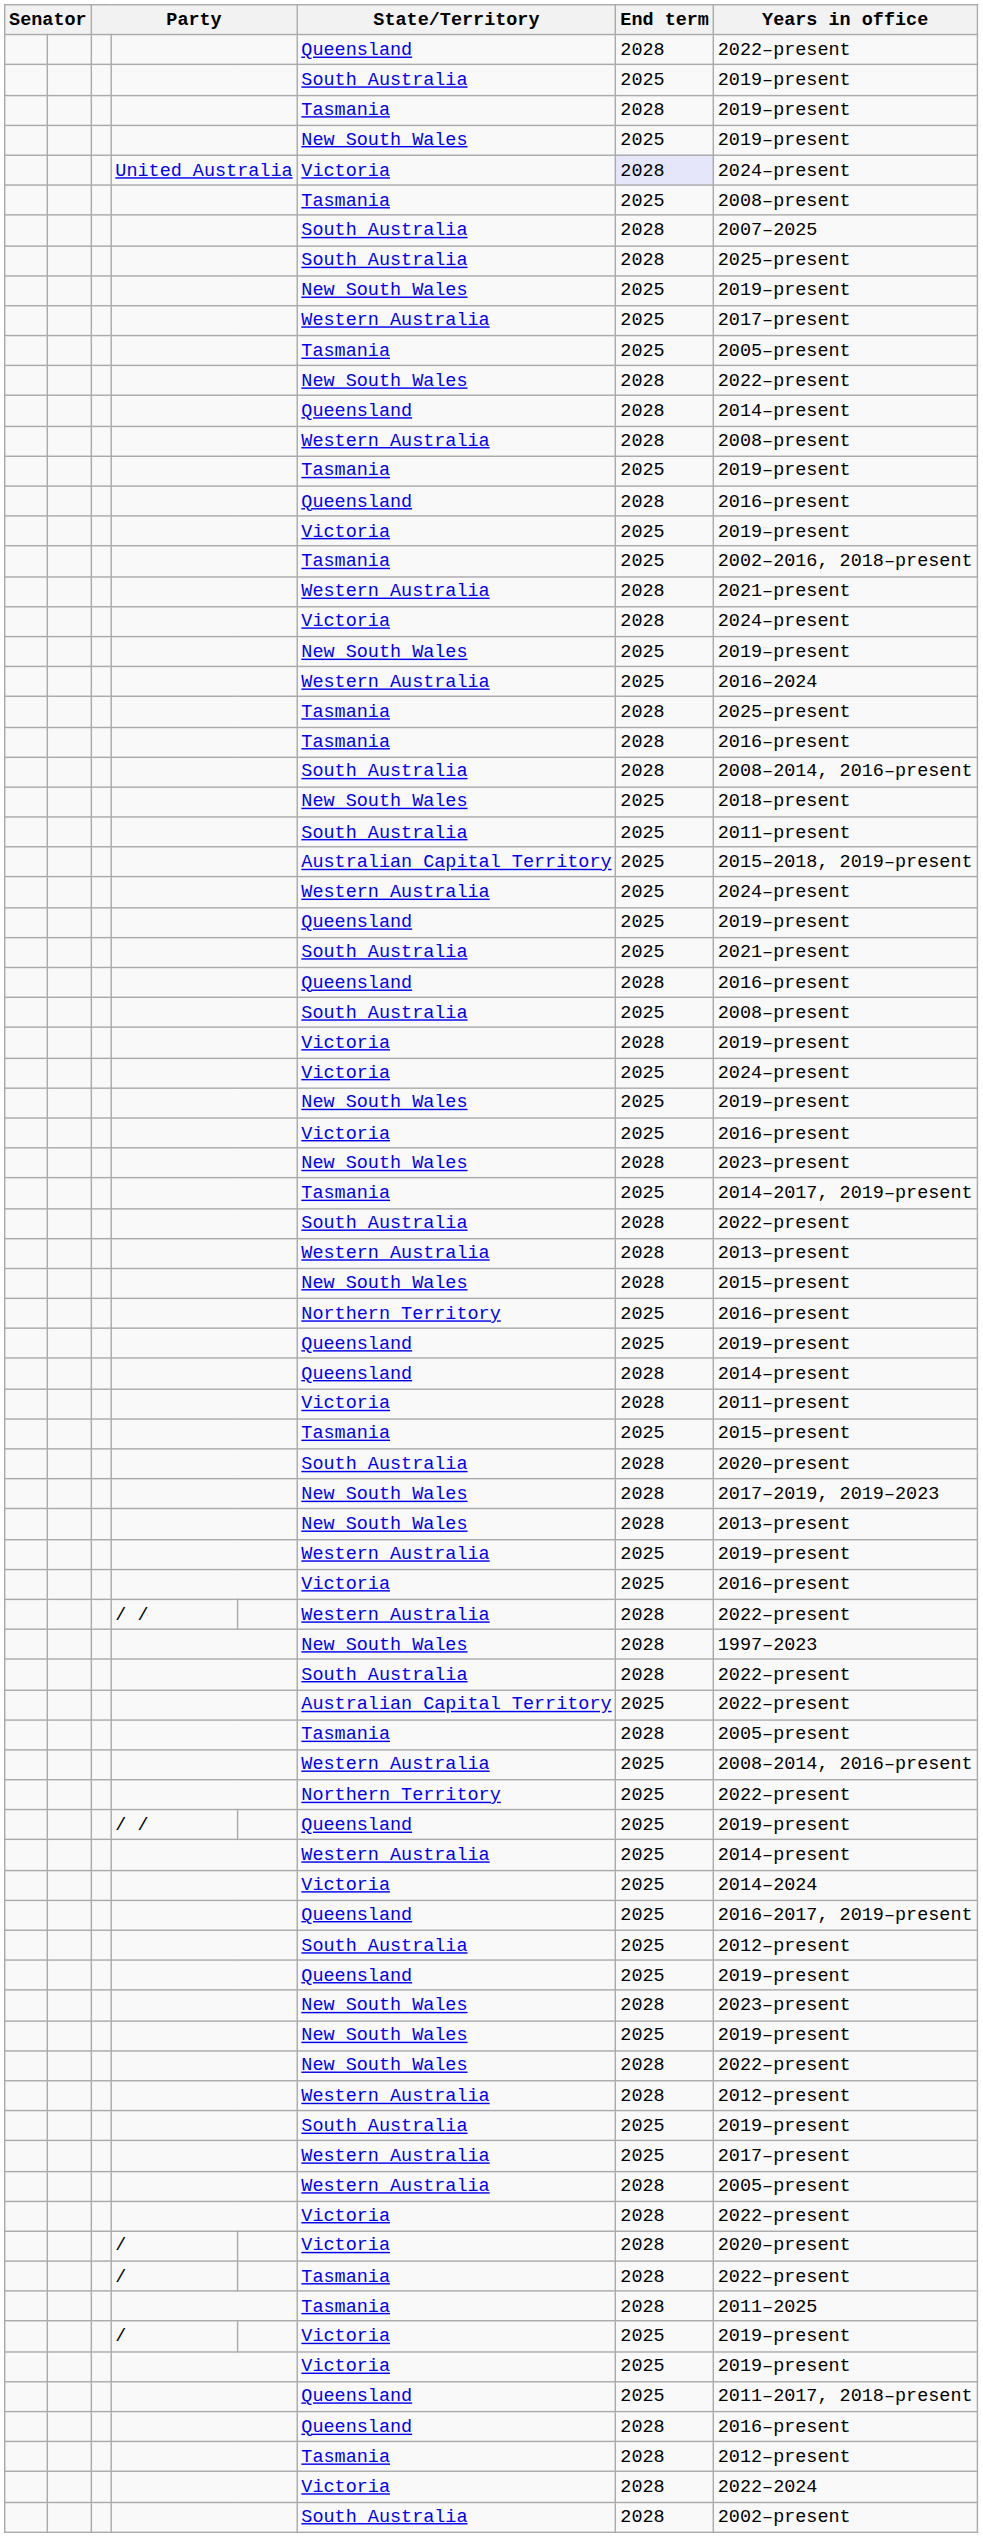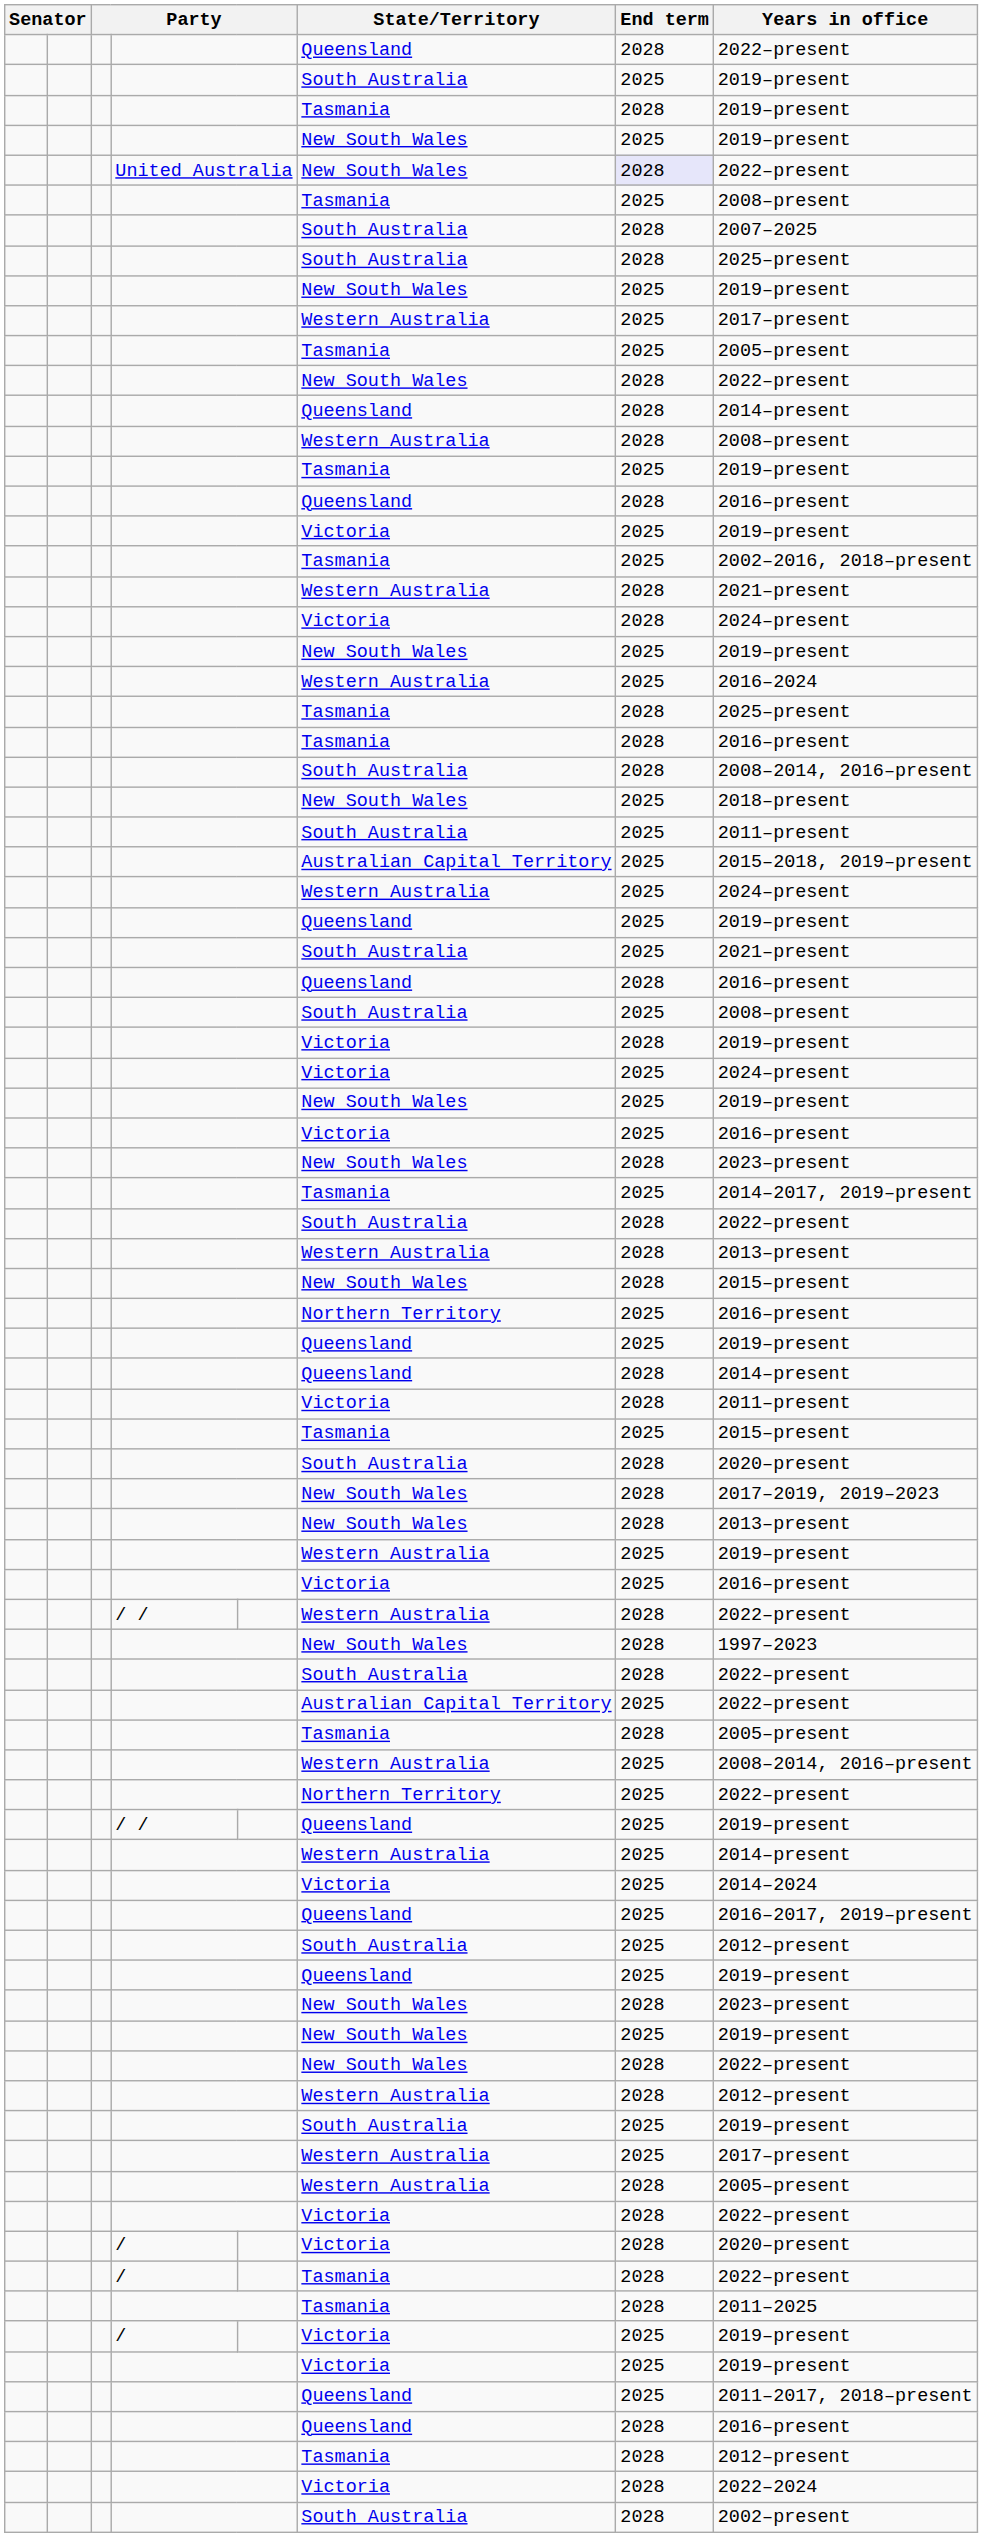 <table class="wikitable sortable plainrowheaders">
 <tr>
 <th colspan="2" class="unsortable" style="text-align: center;">Senator</th>
 <th colspan="3">Party</th>
 <th>State/Territory</th>
 <th>End term</th>
 <th>Years in office</th>
 </tr>
 <tr>
 <td></td>
 <td><strong></strong><br></td>
 <td> </td>
 <td colspan=2></td>
 <td><a href='#'>Queensland</a></td>
 <td>2028</td>
 <td>2022–present</td>
 </tr>
 <tr>
 <td></td>
 <td><strong></strong><br></td>
 <td> </td>
 <td colspan=2></td>
 <td><a href='#'>South Australia</a></td>
 <td>2025</td>
 <td>2019–present</td>
 </tr>
 <tr>
 <td></td>
 <td><strong></strong><br></td>
 <td> </td>
 <td colspan=2></td>
 <td><a href='#'>Tasmania</a></td>
 <td>2028</td>
 <td>2019–present</td>
 </tr>
 <tr>
 <td></td>
 <td><strong></strong><br></td>
 <td> </td>
 <td colspan=2></td>
 <td><a href='#'>New South Wales</a></td>
 <td>2025</td>
 <td>2019–present</td>
 </tr>
 <tr>
 <td></td>
 <td><strong></strong><br></td>
 <td> </td>
 <td colspan=2><a href='#'>United Australia</a></td>
-<td><a href='#'>Victoria</a></td>
+<td><a href='#'>New South Wales</a></td>
 <td style="background: lavender;">2028</td>
-<td>2024–present</td>
+<td>2022–present</td>
 </tr>
 <tr>
 <td></td>
 <td><strong></strong><br></td>
 <td> </td>
 <td colspan=2></td>
 <td><a href='#'>Tasmania</a></td>
 <td>2025</td>
 <td>2008–present</td>
 </tr>
 <tr>
 <td></td>
 <td><strong></strong> <br></td>
 <td> </td>
 <td colspan=2></td>
 <td><a href='#'>South Australia</a></td>
 <td>2028</td>
 <td>2007–2025</td>
 </tr>
 <tr>
 <td></td>
 <td><strong></strong> </td>
 <td> </td>
 <td colspan=2></td>
 <td><a href='#'>South Australia</a></td>
 <td>2028</td>
 <td>2025–present</td>
 </tr>
 <tr>
 <td></td>
 <td><strong></strong><br></td>
 <td> </td>
 <td colspan=2></td>
 <td><a href='#'>New South Wales</a></td>
 <td>2025</td>
 <td>2019–present</td>
 </tr>
 <tr>
 <td></td>
 <td><strong></strong><br></td>
 <td> </td>
 <td colspan=2></td>
 <td><a href='#'>Western Australia</a></td>
 <td>2025</td>
 <td>2017–present</td>
 </tr>
 <tr>
 <td></td>
 <td><strong></strong><br></td>
 <td> </td>
 <td colspan=2></td>
 <td><a href='#'>Tasmania</a></td>
 <td>2025</td>
 <td>2005–present</td>
 </tr>
 <tr>
 <td></td>
 <td><strong></strong><br></td>
 <td> </td>
 <td colspan=2></td>
 <td><a href='#'>New South Wales</a></td>
 <td>2028</td>
 <td>2022–present</td>
 </tr>
 <tr>
 <td></td>
 <td><strong></strong><br></td>
 <td> </td>
 <td colspan=2> </td>
 <td><a href='#'>Queensland</a></td>
 <td>2028</td>
 <td>2014–present</td>
 </tr>
 <tr>
 <td></td>
 <td><strong></strong><br></td>
 <td> </td>
 <td colspan=2></td>
 <td><a href='#'>Western Australia</a></td>
 <td>2028</td>
 <td>2008–present</td>
 </tr>
 <tr>
 <td></td>
 <td><strong></strong><br></td>
 <td> </td>
 <td colspan=2></td>
 <td><a href='#'>Tasmania</a></td>
 <td>2025</td>
 <td>2019–present</td>
 </tr>
 <tr>
 <td></td>
 <td><strong></strong><br></td>
 <td> </td>
 <td colspan=2></td>
 <td><a href='#'>Queensland</a></td>
 <td>2028</td>
 <td>2016–present</td>
 </tr>
 <tr>
 <td></td>
 <td><strong></strong><br></td>
 <td> </td>
 <td colspan=2></td>
 <td><a href='#'>Victoria</a></td>
 <td>2025</td>
 <td>2019–present</td>
 </tr>
 <tr>
 <td></td>
 <td><strong></strong><br></td>
 <td> </td>
 <td colspan=2></td>
 <td><a href='#'>Tasmania</a></td>
 <td>2025</td>
 <td>2002–2016, 2018–present</td>
 </tr>
 <tr>
 <td></td>
 <td><strong></strong><br></td>
 <td> </td>
 <td colspan=2></td>
 <td><a href='#'>Western Australia</a></td>
 <td>2028</td>
 <td>2021–present</td>
 </tr>
 <tr>
 <td></td>
 <td><strong></strong> </td>
 <td> </td>
 <td colspan=2></td>
 <td><a href='#'>Victoria</a></td>
 <td>2028</td>
 <td>2024–present</td>
 </tr>
 <tr>
 <td></td>
 <td><strong></strong><br></td>
 <td> </td>
 <td colspan=2></td>
 <td><a href='#'>New South Wales</a></td>
 <td>2025</td>
 <td>2019–present</td>
 </tr>
 <tr>
 <td></td>
 <td><strong></strong> <br></td>
 <td> </td>
 <td colspan=2></td>
 <td><a href='#'>Western Australia</a></td>
 <td>2025</td>
 <td>2016–2024</td>
 </tr>
 <tr>
 <td></td>
 <td><strong></strong> <br></td>
 <td> </td>
 <td colspan=2></td>
 <td><a href='#'>Tasmania</a></td>
 <td>2028</td>
 <td>2025–present</td>
 </tr>
 <tr>
 <td></td>
 <td><strong></strong><br></td>
 <td> </td>
 <td colspan=2></td>
 <td><a href='#'>Tasmania</a></td>
 <td>2028</td>
 <td>2016–present</td>
 </tr>
 <tr>
 <td></td>
 <td><strong></strong><br></td>
 <td> </td>
 <td colspan=2></td>
 <td><a href='#'>South Australia</a></td>
 <td>2028</td>
 <td>2008–2014, 2016–present</td>
 </tr>
 <tr>
 <td></td>
 <td><strong></strong><br></td>
 <td> </td>
 <td colspan=2></td>
 <td><a href='#'>New South Wales</a></td>
 <td>2025</td>
 <td>2018–present</td>
 </tr>
 <tr>
 <td></td>
 <td><strong></strong><br></td>
 <td> </td>
 <td colspan=2></td>
 <td><a href='#'>South Australia</a></td>
 <td>2025</td>
 <td>2011–present</td>
 </tr>
 <tr>
 <td></td>
 <td><strong></strong><br></td>
 <td> </td>
 <td colspan=2></td>
 <td><a href='#'>Australian Capital Territory</a></td>
 <td>2025</td>
 <td>2015–2018, 2019–present</td>
 </tr>
 <tr>
 <td></td>
 <td><strong></strong> <br></td>
 <td> </td>
 <td colspan=2></td>
 <td><a href='#'>Western Australia</a></td>
 <td>2025</td>
 <td>2024–present</td>
 </tr>
 <tr>
 <td></td>
 <td><strong></strong><br></td>
 <td> </td>
 <td colspan=2></td>
 <td><a href='#'>Queensland</a></td>
 <td>2025</td>
 <td>2019–present</td>
 </tr>
 <tr>
 <td></td>
 <td><strong></strong><br></td>
 <td> </td>
 <td colspan=2></td>
 <td><a href='#'>South Australia</a></td>
 <td>2025</td>
 <td>2021–present</td>
 </tr>
 <tr>
 <td></td>
 <td><strong></strong><br></td>
 <td> </td>
 <td colspan=2></td>
 <td><a href='#'>Queensland</a></td>
 <td>2028</td>
 <td>2016–present</td>
 </tr>
 <tr>
 <td></td>
 <td><strong></strong><br></td>
 <td> </td>
 <td colspan=2></td>
 <td><a href='#'>South Australia</a></td>
 <td>2025</td>
 <td>2008–present</td>
 </tr>
 <tr>
 <td></td>
 <td><strong></strong><br></td>
 <td> </td>
 <td colspan=2></td>
 <td><a href='#'>Victoria</a></td>
 <td>2028</td>
 <td>2019–present</td>
 </tr>
 <tr>
 <td></td>
 <td><strong></strong> <br></td>
 <td> </td>
 <td colspan=2></td>
 <td><a href='#'>Victoria</a></td>
 <td>2025</td>
 <td>2024–present</td>
 </tr>
 <tr>
 <td></td>
 <td><strong></strong><br></td>
 <td> </td>
 <td colspan=2></td>
 <td><a href='#'>New South Wales</a></td>
 <td>2025</td>
 <td>2019–present</td>
 </tr>
 <tr>
 <td></td>
 <td><strong></strong><br></td>
 <td> </td>
 <td colspan=2></td>
 <td><a href='#'>Victoria</a></td>
 <td>2025</td>
 <td>2016–present</td>
 </tr>
 <tr>
 <td></td>
 <td><strong></strong> <br></td>
 <td> </td>
 <td colspan=2></td>
 <td><a href='#'>New South Wales</a></td>
 <td>2028</td>
 <td>2023–present</td>
 </tr>
 <tr>
 <td></td>
 <td><strong></strong><br></td>
 <td> </td>
 <td colspan=2></td>
 <td><a href='#'>Tasmania</a></td>
 <td>2025</td>
 <td>2014–2017, 2019–present</td>
 </tr>
 <tr>
 <td></td>
 <td><strong></strong><br></td>
 <td> </td>
 <td colspan=2></td>
 <td><a href='#'>South Australia</a></td>
 <td>2028</td>
 <td>2022–present</td>
 </tr>
 <tr>
 <td></td>
 <td><strong></strong><br></td>
 <td> </td>
 <td colspan=2></td>
 <td><a href='#'>Western Australia</a></td>
 <td>2028</td>
 <td>2013–present</td>
 </tr>
 <tr>
 <td></td>
 <td><strong></strong><br></td>
 <td> </td>
 <td colspan=2></td>
 <td><a href='#'>New South Wales</a></td>
 <td>2028</td>
 <td>2015–present</td>
 </tr>
 <tr>
 <td></td>
 <td><strong></strong><br></td>
 <td> </td>
 <td colspan=2></td>
 <td><a href='#'>Northern Territory</a></td>
 <td>2025</td>
 <td>2016–present</td>
 </tr>
 <tr>
 <td></td>
 <td><strong></strong><br></td>
 <td> </td>
 <td colspan=2> </td>
 <td><a href='#'>Queensland</a></td>
 <td>2025</td>
 <td>2019–present</td>
 </tr>
 <tr>
 <td></td>
 <td><strong></strong><br></td>
 <td> </td>
 <td colspan=2> </td>
 <td><a href='#'>Queensland</a></td>
 <td>2028</td>
 <td>2014–present</td>
 </tr>
 <tr>
 <td></td>
 <td><strong></strong><br></td>
 <td> </td>
 <td colspan=2></td>
 <td><a href='#'>Victoria</a></td>
 <td>2028</td>
 <td>2011–present</td>
 </tr>
 <tr>
 <td></td>
 <td><strong></strong><br></td>
 <td> </td>
 <td colspan=2></td>
 <td><a href='#'>Tasmania</a></td>
 <td>2025</td>
 <td>2015–present</td>
 </tr>
 <tr>
 <td></td>
 <td><strong></strong><br></td>
 <td> </td>
 <td colspan=2></td>
 <td><a href='#'>South Australia</a></td>
 <td>2028</td>
 <td>2020–present</td>
 </tr>
 <tr>
 <td></td>
 <td><strong></strong> <br></td>
 <td> </td>
 <td colspan=2></td>
 <td><a href='#'>New South Wales</a></td>
 <td>2028</td>
 <td>2017–2019, 2019–2023</td>
 </tr>
 <tr>
 <td></td>
 <td><strong></strong><br></td>
 <td> </td>
 <td colspan=2></td>
 <td><a href='#'>New South Wales</a></td>
 <td>2028</td>
 <td>2013–present</td>
 </tr>
 <tr>
 <td></td>
 <td><strong></strong><br></td>
 <td> </td>
 <td colspan=2></td>
 <td><a href='#'>Western Australia</a></td>
 <td>2025</td>
 <td>2019–present</td>
 </tr>
 <tr>
 <td></td>
 <td><strong></strong><br></td>
 <td> </td>
 <td colspan=2></td>
 <td><a href='#'>Victoria</a></td>
 <td>2025</td>
 <td>2016–present</td>
 </tr>
 <tr>
 <td></td>
 <td><strong></strong><br></td>
 <td> </td>
 <td> /  / </td>
 <td> </td>
 <td><a href='#'>Western Australia</a></td>
 <td>2028</td>
 <td>2022–present</td>
 </tr>
 <tr>
 <td></td>
 <td><strong></strong> <br></td>
 <td> </td>
 <td colspan=2></td>
 <td><a href='#'>New South Wales</a></td>
 <td>2028</td>
 <td>1997–2023</td>
 </tr>
 <tr>
 <td></td>
 <td><strong></strong><br></td>
 <td> </td>
 <td colspan=2></td>
 <td><a href='#'>South Australia</a></td>
 <td>2028</td>
 <td>2022–present</td>
 </tr>
 <tr>
 <td></td>
 <td><strong></strong><br></td>
 <td> </td>
 <td colspan=2></td>
 <td><a href='#'>Australian Capital Territory</a></td>
 <td>2025</td>
 <td>2022–present</td>
 </tr>
 <tr>
 <td></td>
 <td><strong></strong><br></td>
 <td> </td>
 <td colspan=2></td>
 <td><a href='#'>Tasmania</a></td>
 <td>2028</td>
 <td>2005–present</td>
 </tr>
 <tr>
 <td></td>
 <td><strong></strong><br></td>
 <td> </td>
 <td colspan=2></td>
 <td><a href='#'>Western Australia</a></td>
 <td>2025</td>
 <td>2008–2014, 2016–present</td>
 </tr>
 <tr>
 <td></td>
 <td><strong></strong><br></td>
 <td> </td>
 <td colspan=2> </td>
 <td><a href='#'>Northern Territory</a></td>
 <td>2025</td>
 <td>2022–present</td>
 </tr>
 <tr>
 <td></td>
 <td><strong></strong><br></td>
 <td> </td>
 <td> /  / </td>
 <td> </td>
 <td><a href='#'>Queensland</a></td>
 <td>2025</td>
 <td>2019–present</td>
 </tr>
 <tr>
 <td></td>
 <td><strong></strong> <strong></strong><br></td>
 <td> </td>
 <td colspan=2></td>
 <td><a href='#'>Western Australia</a></td>
 <td>2025</td>
 <td>2014–present</td>
 </tr>
 <tr>
 <td></td>
 <td><strong></strong> <br></td>
 <td> </td>
 <td colspan=2></td>
 <td><a href='#'>Victoria</a></td>
 <td>2025</td>
 <td>2014–2024</td>
 </tr>
 <tr>
 <td></td>
 <td><strong></strong><br></td>
 <td> </td>
 <td colspan=2></td>
 <td><a href='#'>Queensland</a></td>
 <td>2025</td>
 <td>2016–2017, 2019–present</td>
 </tr>
 <tr>
 <td></td>
 <td><strong></strong><br></td>
 <td> </td>
 <td colspan=2></td>
 <td><a href='#'>South Australia</a></td>
 <td>2025</td>
 <td>2012–present</td>
 </tr>
 <tr>
 <td></td>
 <td><strong></strong><br></td>
 <td> </td>
 <td colspan=2> </td>
 <td><a href='#'>Queensland</a></td>
 <td>2025</td>
 <td>2019–present</td>
 </tr>
 <tr>
 <td></td>
 <td><strong></strong> <br></td>
 <td> </td>
 <td colspan=2></td>
 <td><a href='#'>New South Wales</a></td>
 <td>2028</td>
 <td>2023–present</td>
 </tr>
 <tr>
 <td></td>
 <td><strong></strong><br></td>
 <td> </td>
 <td colspan=2></td>
 <td><a href='#'>New South Wales</a></td>
 <td>2025</td>
 <td>2019–present</td>
 </tr>
 <tr>
 <td></td>
 <td><strong></strong><br></td>
 <td> </td>
 <td colspan=2></td>
 <td><a href='#'>New South Wales</a></td>
 <td>2028</td>
 <td>2022–present</td>
 </tr>
 <tr>
 <td></td>
 <td><strong></strong><br></td>
 <td> </td>
 <td colspan=2></td>
 <td><a href='#'>Western Australia</a></td>
 <td>2028</td>
 <td>2012–present</td>
 </tr>
 <tr>
 <td></td>
 <td><strong></strong><br></td>
 <td> </td>
 <td colspan=2></td>
 <td><a href='#'>South Australia</a></td>
 <td>2025</td>
 <td>2019–present</td>
 </tr>
 <tr>
 <td></td>
 <td><strong></strong><br></td>
 <td> </td>
 <td colspan=2></td>
 <td><a href='#'>Western Australia</a></td>
 <td>2025</td>
 <td>2017–present</td>
 </tr>
 <tr>
 <td></td>
 <td><strong></strong><br></td>
 <td> </td>
 <td colspan=2></td>
 <td><a href='#'>Western Australia</a></td>
 <td>2028</td>
 <td>2005–present</td>
 </tr>
 <tr>
 <td></td>
 <td><strong></strong><br></td>
 <td> </td>
 <td colspan=2></td>
 <td><a href='#'>Victoria</a></td>
 <td>2028</td>
 <td>2022–present</td>
 </tr>
 <tr>
 <td></td>
 <td><strong></strong><br></td>
 <td> </td>
 <td> / </td>
 <td> </td>
 <td><a href='#'>Victoria</a></td>
 <td>2028</td>
 <td>2020–present</td>
 </tr>
 <tr>
 <td></td>
 <td><strong></strong><br></td>
 <td> </td>
 <td> /<br> </td>
 <td> </td>
 <td><a href='#'>Tasmania</a></td>
 <td>2028</td>
 <td>2022–present</td>
 </tr>
 <tr>
 <td></td>
 <td><strong></strong> <br></td>
 <td> </td>
 <td colspan=2></td>
 <td><a href='#'>Tasmania</a></td>
 <td>2028</td>
 <td>2011–2025</td>
 </tr>
 <tr>
 <td></td>
 <td><strong></strong><br></td>
 <td> </td>
 <td> / </td>
 <td> </td>
 <td><a href='#'>Victoria</a></td>
 <td>2025</td>
 <td>2019–present</td>
 </tr>
 <tr>
 <td></td>
 <td><strong></strong><br></td>
 <td> </td>
 <td colspan=2></td>
 <td><a href='#'>Victoria</a></td>
 <td>2025</td>
 <td>2019–present</td>
 </tr>
 <tr>
 <td></td>
 <td><strong></strong><br></td>
 <td> </td>
 <td colspan=2></td>
 <td><a href='#'>Queensland</a></td>
 <td>2025</td>
 <td>2011–2017, 2018–present</td>
 </tr>
 <tr>
 <td></td>
 <td><strong></strong><br></td>
 <td> </td>
 <td colspan=2></td>
 <td><a href='#'>Queensland</a></td>
 <td>2028</td>
 <td>2016–present</td>
 </tr>
 <tr>
 <td></td>
 <td><strong></strong><br></td>
 <td> </td>
 <td colspan=2></td>
 <td><a href='#'>Tasmania</a></td>
 <td>2028</td>
 <td>2012–present</td>
 </tr>
 <tr>
 <td></td>
 <td><strong></strong> <br></td>
 <td> </td>
 <td colspan=2></td>
 <td><a href='#'>Victoria</a></td>
 <td>2028</td>
 <td>2022–2024</td>
 </tr>
 <tr>
 <td></td>
 <td><strong></strong><br></td>
 <td> </td>
 <td colspan=2></td>
 <td><a href='#'>South Australia</a></td>
 <td>2028</td>
 <td>2002–present</td>
 </tr>
 </table>
